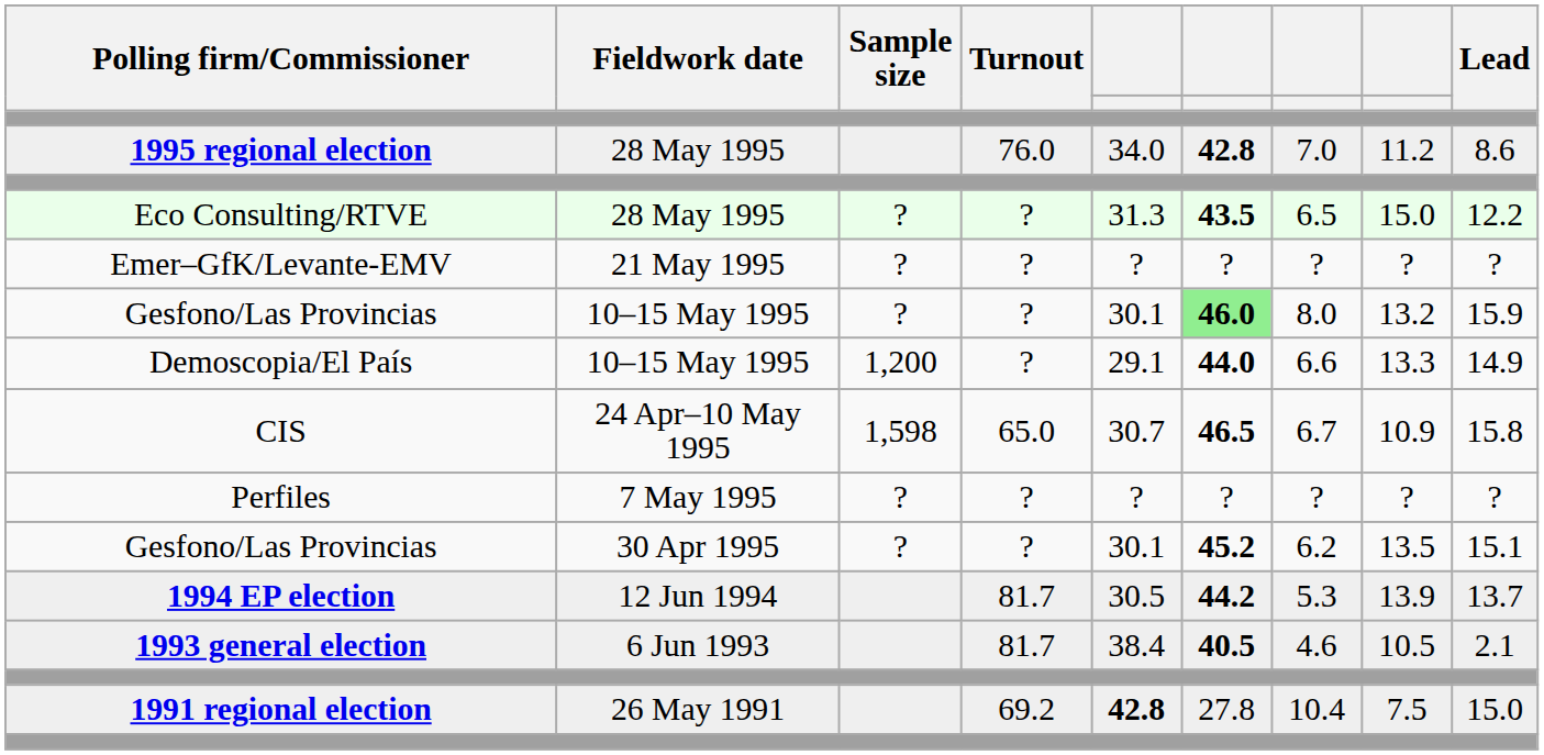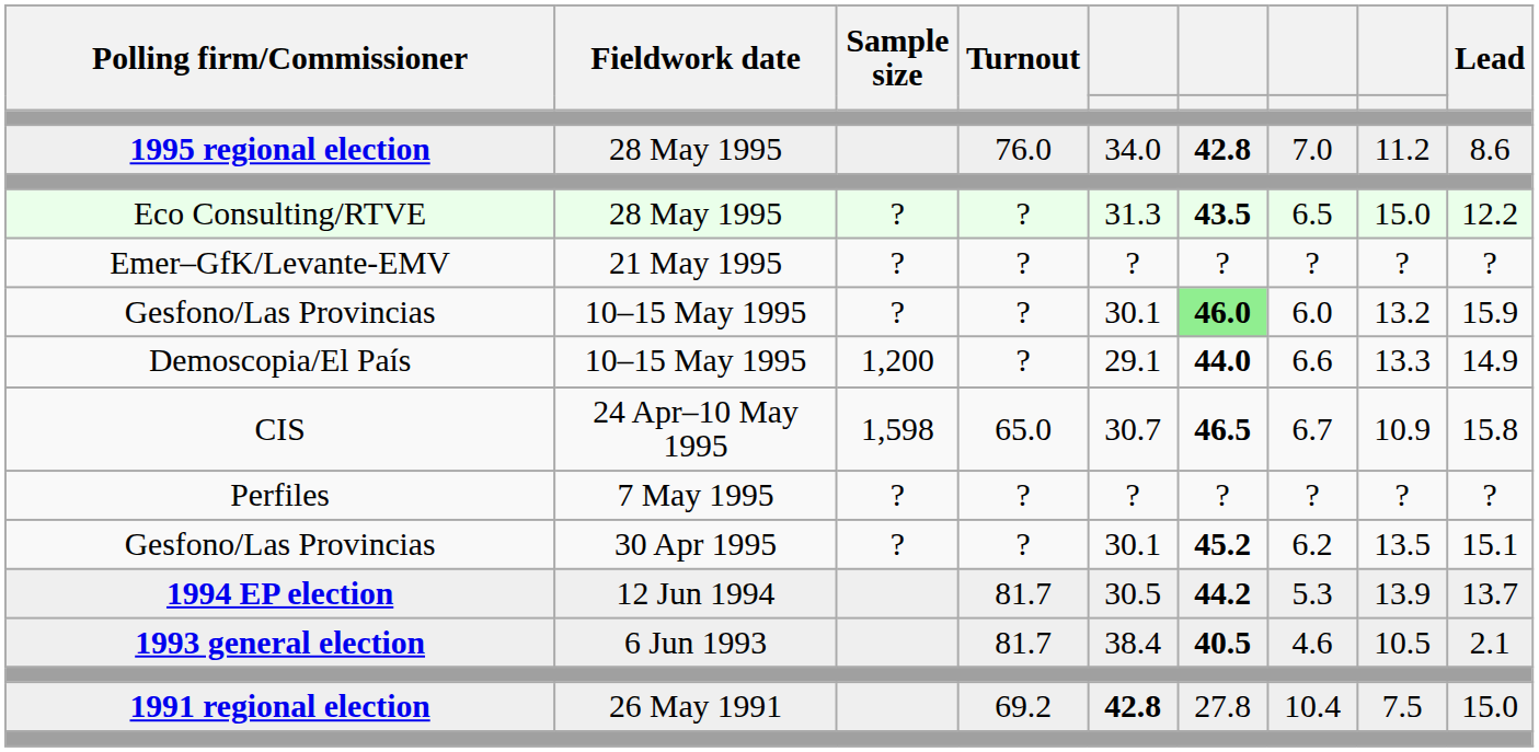 <table class="wikitable collapsible collapsed" style="text-align:center; font-size:95%; line-height:16px;">
 <tr style="height:42px;">
 <th style="width:250px;" rowspan="2">Polling firm/Commissioner</th>
 <th style="width:125px;" rowspan="2">Fieldwork date</th>
 <th style="width:50px;" rowspan="2">Sample size</th>
 <th style="width:45px;" rowspan="2">Turnout</th>
 <th style="width:35px;"></th>
 <th style="width:35px;"></th>
 <th style="width:35px;"></th>
 <th style="width:35px;"></th>
 <th style="width:30px;" rowspan="2">Lead</th>
 </tr>
 <tr>
 <th style="color:inherit;background:"></th>
 <th style="color:inherit;background:"></th>
 <th style="color:inherit;background:"></th>
 <th style="color:inherit;background:"></th>
 </tr>
 <tr>
 <td colspan="10" style="background:#A0A0A0"></td>
 </tr>
 <tr style="background:#EFEFEF;">
 <td><strong><a href='#'>1995 regional election</a></strong></td>
 <td>28 May 1995</td>
 <td></td>
 <td>76.0</td>
 <td>34.0<br></td>
 <td><strong>42.8</strong><br></td>
 <td>7.0<br></td>
 <td>11.2<br></td>
 <td style="background:">8.6</td>
 </tr>
 <tr>
 <td colspan="10" style="background:#A0A0A0"></td>
 </tr>
 <tr style="background:#EAFFEA;">
 <td>Eco Consulting/RTVE</td>
 <td>28 May 1995</td>
 <td>?</td>
 <td>?</td>
 <td>31.3<br></td>
 <td><strong>43.5</strong><br></td>
 <td>6.5<br></td>
 <td>15.0<br></td>
 <td style="background:">12.2</td>
 </tr>
 <tr>
 <td>Emer–GfK/Levante-EMV</td>
 <td>21 May 1995</td>
 <td>?</td>
 <td>?</td>
 <td>?<br></td>
 <td>?<br></td>
 <td>?<br></td>
 <td>?<br></td>
 <td style="background:">?</td>
 </tr>
 <tr>
 <td>Gesfono/Las Provincias</td>
 <td>10–15 May 1995</td>
 <td>?</td>
 <td>?</td>
 <td>30.1<br></td>
 <td style="background: lightgreen;"><strong>46.0</strong><br></td>
-<td>8.0<br></td>
+<td>6.0<br></td>
 <td>13.2<br></td>
 <td style="background:">15.9</td>
 </tr>
 <tr>
 <td>Demoscopia/El País</td>
 <td>10–15 May 1995</td>
 <td>1,200</td>
 <td>?</td>
 <td>29.1<br></td>
 <td><strong>44.0</strong><br></td>
 <td>6.6<br></td>
 <td>13.3<br></td>
 <td style="background:">14.9</td>
 </tr>
 <tr>
 <td>CIS</td>
 <td>24 Apr–10 May 1995</td>
 <td>1,598</td>
 <td>65.0</td>
 <td>30.7</td>
 <td><strong>46.5</strong></td>
 <td>6.7</td>
 <td>10.9</td>
 <td style="background:">15.8</td>
 </tr>
 <tr>
 <td>Perfiles</td>
 <td>7 May 1995</td>
 <td>?</td>
 <td>?</td>
 <td>?<br></td>
 <td>?<br></td>
 <td>?<br></td>
 <td>?<br></td>
 <td style="background:">?</td>
 </tr>
 <tr>
 <td>Gesfono/Las Provincias</td>
 <td>30 Apr 1995</td>
 <td>?</td>
 <td>?</td>
 <td>30.1<br></td>
 <td><strong>45.2</strong><br></td>
 <td>6.2<br></td>
 <td>13.5<br></td>
 <td style="background:">15.1</td>
 </tr>
 <tr style="background:#EFEFEF;">
 <td><strong><a href='#'>1994 EP election</a></strong></td>
 <td>12 Jun 1994</td>
 <td></td>
 <td>81.7</td>
 <td>30.5<br></td>
 <td><strong>44.2</strong><br></td>
 <td>5.3<br></td>
 <td>13.9<br></td>
 <td style="background:">13.7</td>
 </tr>
 <tr style="background:#EFEFEF;">
 <td><strong><a href='#'>1993 general election</a></strong></td>
 <td>6 Jun 1993</td>
 <td></td>
 <td>81.7</td>
 <td>38.4<br></td>
 <td><strong>40.5</strong><br></td>
 <td>4.6<br></td>
 <td>10.5<br></td>
 <td style="background:">2.1</td>
 </tr>
 <tr>
 <td colspan="10" style="background:#A0A0A0"></td>
 </tr>
 <tr style="background:#EFEFEF;">
 <td><strong><a href='#'>1991 regional election</a></strong></td>
 <td>26 May 1991</td>
 <td></td>
 <td>69.2</td>
 <td><strong>42.8</strong><br></td>
 <td>27.8<br></td>
 <td>10.4<br></td>
 <td>7.5<br></td>
 <td style="background:">15.0</td>
 </tr>
 <tr>
 <td colspan="10" style="background:#A0A0A0"></td>
 </tr>
 </table>
